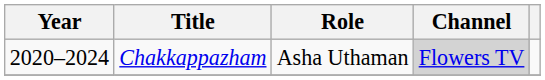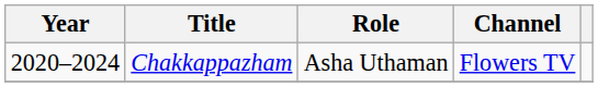 <table class="wikitable plainrowheaders sortable" style="margin-right: 0;">
 <tr>
 <th scope="col">Year</th>
 <th scope="col">Title</th>
 <th scope="col">Role</th>
 <th scope="col" class="unsortable">Channel</th>
 <th scope="col" class="unsortable"></th>
 </tr>
 <tr>
 <td>2020–2024</td>
 <td><em><a href='#'>Chakkappazham</a></em></td>
 <td>Asha Uthaman</td>
-<td style="background: lightgrey;"><a href='#'>Flowers TV</a></td>
+<td><a href='#'>Flowers TV</a></td>
 <td></td>
 </tr>
 <tr>
 </tr>
 </table>
